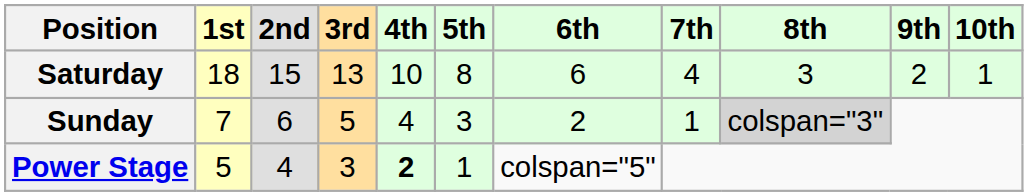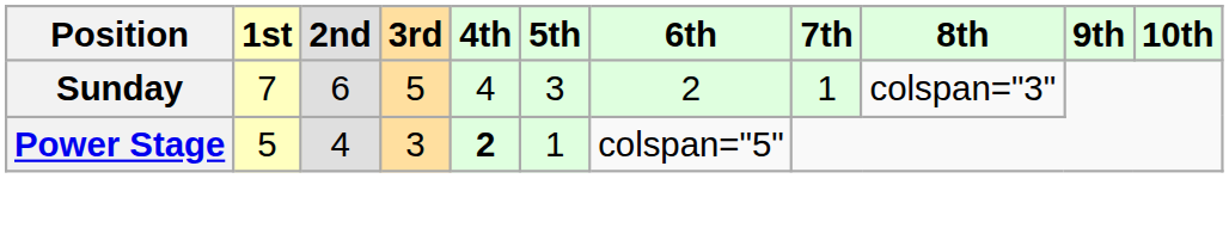 <table class="wikitable" style="font-size: 85%;">
 <tr>
 <th>Position</th>
 <td style="background:#ffffbf" align="center"><strong>1st</strong></td>
 <td style="background:#dfdfdf" align="center"><strong>2nd</strong></td>
 <td style="background:#ffdf9f" align="center"><strong>3rd</strong></td>
 <td style="background:#dfffdf" align="center"><strong>4th</strong></td>
 <td style="background:#dfffdf" align="center"><strong>5th</strong></td>
 <td style="background:#dfffdf" align="center"><strong>6th</strong></td>
 <td style="background:#dfffdf" align="center"><strong>7th</strong></td>
 <td style="background:#dfffdf" align="center"><strong>8th</strong></td>
 <td style="background:#dfffdf" align="center"><strong>9th</strong></td>
 <td style="background:#dfffdf" align="center"><strong>10th</strong></td>
 </tr>
 <tr>
-<th>Saturday</th>
-<td style="background:#ffffbf" align="center">18</td>
-<td style="background:#dfdfdf" align="center">15</td>
-<td style="background:#ffdf9f" align="center">13</td>
-<td style="background:#dfffdf" align="center">10</td>
-<td style="background:#dfffdf" align="center">8</td>
-<td style="background:#dfffdf" align="center">6</td>
-<td style="background:#dfffdf" align="center">4</td>
-<td style="background:#dfffdf" align="center">3</td>
-<td style="background:#dfffdf" align="center">2</td>
-<td style="background:#dfffdf" align="center">1</td>
-</tr>
-<tr>
 <th>Sunday</th>
 <td style="background:#ffffbf" align="center">7</td>
 <td style="background:#dfdfdf" align="center">6</td>
 <td style="background:#ffdf9f" align="center">5</td>
 <td style="background:#dfffdf" align="center">4</td>
 <td style="background:#dfffdf" align="center">3</td>
 <td style="background:#dfffdf" align="center">2</td>
 <td style="background:#dfffdf" align="center">1</td>
-<td style="background: lightgrey;">colspan="3" </td>
+<td>colspan="3" </td>
 </tr>
 <tr>
 <th><a href='#'>Power Stage</a></th>
 <td style="background:#ffffbf" align="center">5</td>
 <td style="background:#dfdfdf" align="center">4</td>
 <td style="background:#ffdf9f" align="center">3</td>
 <td style="background:#dfffdf" align="center"><strong>2</strong></td>
 <td style="background:#dfffdf" align="center">1</td>
 <td>colspan="5" </td>
 </tr>
 </table>
